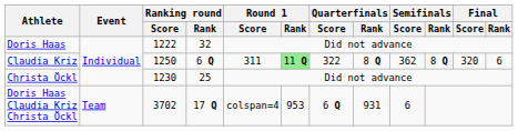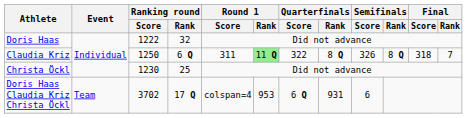 <table class="wikitable" style="font-size:90%">
 <tr>
 <th rowspan=2>Athlete</th>
 <th rowspan=2>Event</th>
 <th colspan="2">Ranking round</th>
 <th colspan="2">Round 1</th>
 <th colspan="2">Quarterfinals</th>
 <th colspan="2">Semifinals</th>
 <th colspan="2">Final</th>
 </tr>
 <tr style="font-size:95%">
 <th>Score</th>
 <th>Rank</th>
 <th>Score</th>
 <th>Rank</th>
 <th>Score</th>
 <th>Rank</th>
 <th>Score</th>
 <th>Rank</th>
 <th>Score</th>
 <th>Rank</th>
 </tr>
 <tr align=center>
 <td align=left><a href='#'>Doris Haas</a></td>
 <td align=left rowspan=3><a href='#'>Individual</a></td>
 <td>1222</td>
 <td>32</td>
 <td colspan=8>Did not advance</td>
 </tr>
 <tr align=center>
 <td align=left><a href='#'>Claudia Kriz</a></td>
 <td>1250</td>
 <td>6 <strong>Q</strong></td>
 <td>311</td>
 <td style="background: lightgreen;">11 <strong>Q</strong></td>
 <td>322</td>
 <td>8 <strong>Q</strong></td>
-<td>362</td>
+<td>326</td>
 <td>8 <strong>Q</strong></td>
-<td>320</td>
-<td>6</td>
+<td>318</td>
+<td>7</td>
 </tr>
 <tr align=center>
 <td align=left><a href='#'>Christa Öckl</a></td>
 <td>1230</td>
 <td>25</td>
 <td colspan=8>Did not advance</td>
 </tr>
 <tr align=center>
 <td align=left><a href='#'>Doris Haas</a><br><a href='#'>Claudia Kriz</a><br><a href='#'>Christa Öckl</a></td>
 <td align=left><a href='#'>Team</a></td>
 <td>3702</td>
 <td>17 <strong>Q</strong></td>
 <td>colspan=4</td>
 <td>953</td>
 <td>6 <strong>Q</strong></td>
 <td>931</td>
 <td>6</td>
 </tr>
 </table>
